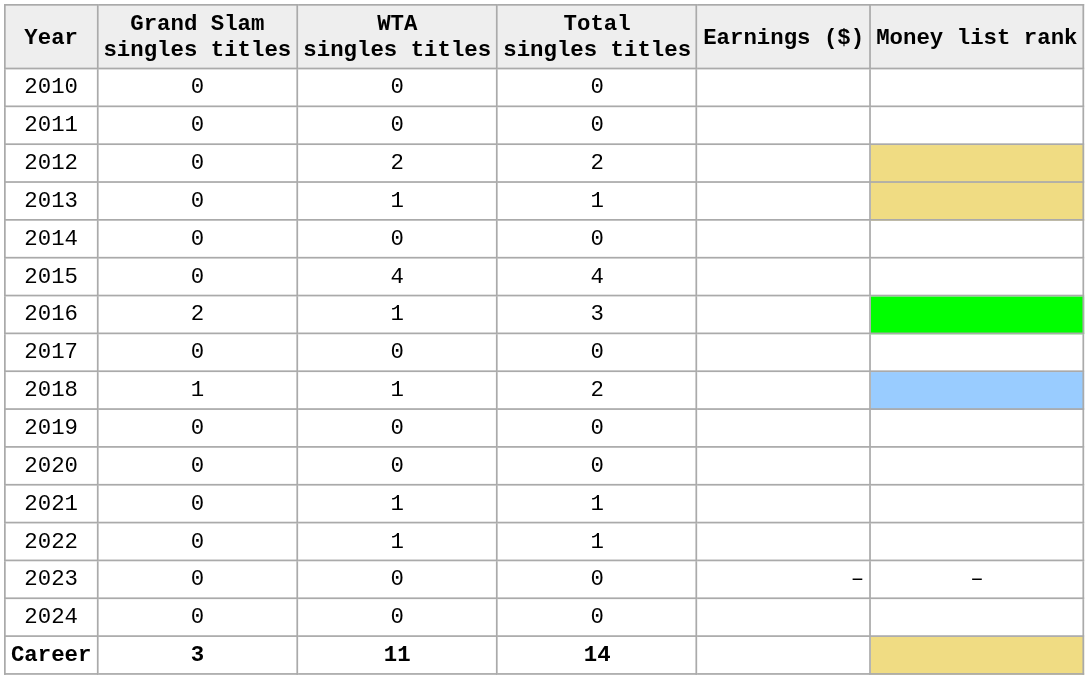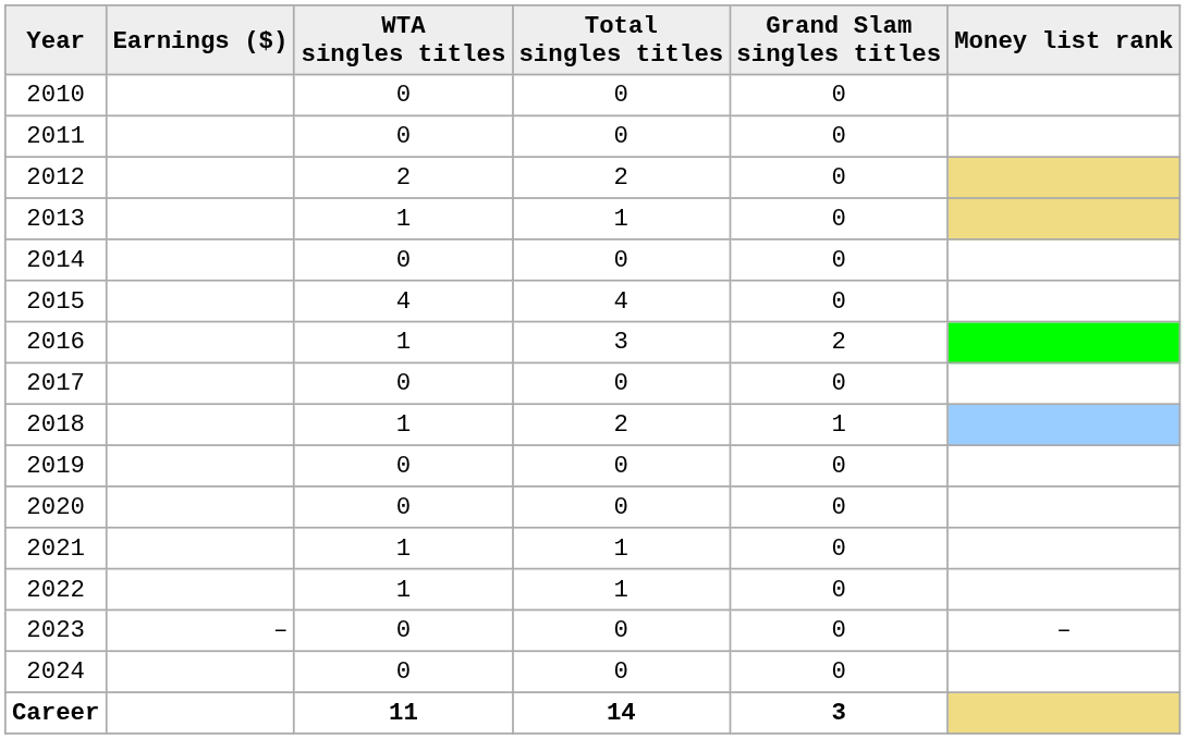 <table cellpadding=3 cellspacing=0 border=1 style=font-size:100%;border:#aaa;solid:1px;border-collapse:collapse;text-align:center>
 <tr bgcolor=EEEEEE>
 <th>Year</th>
-<th>Grand Slam<br>singles titles</th>
+<th>Earnings ($)</th>
 <th>WTA<br>singles titles</th>
 <th>Total<br>singles titles</th>
-<th>Earnings ($)</th>
+<th>Grand Slam<br>singles titles</th>
 <th>Money list rank</th>
 </tr>
 <tr>
 <td>2010</td>
+<td align=right></td>
 <td>0</td>
 <td>0</td>
 <td>0</td>
-<td align=right></td>
 <td></td>
 </tr>
 <tr>
 <td>2011</td>
+<td align=right></td>
 <td>0</td>
 <td>0</td>
 <td>0</td>
-<td align=right></td>
 <td></td>
 </tr>
 <tr>
 <td>2012</td>
-<td>0</td>
+<td align=right></td>
 <td>2</td>
 <td>2</td>
-<td align=right></td>
+<td>0</td>
 <td bgcolor=F0DC83></td>
 </tr>
 <tr>
 <td>2013</td>
-<td>0</td>
+<td align=right></td>
 <td>1</td>
 <td>1</td>
-<td align=right></td>
+<td>0</td>
 <td bgcolor=F0DC83></td>
 </tr>
 <tr>
 <td>2014</td>
+<td align=right></td>
 <td>0</td>
 <td>0</td>
 <td>0</td>
-<td align=right></td>
 <td></td>
 </tr>
 <tr>
 <td>2015</td>
-<td>0</td>
+<td align=right></td>
 <td>4</td>
 <td>4</td>
-<td align=right></td>
+<td>0</td>
 <td></td>
 </tr>
 <tr>
 <td>2016</td>
-<td>2</td>
+<td align=right></td>
 <td>1</td>
 <td>3</td>
-<td align=right></td>
+<td>2</td>
 <td bgcolor=lime></td>
 </tr>
 <tr>
 <td>2017</td>
+<td align=right></td>
 <td>0</td>
 <td>0</td>
 <td>0</td>
-<td align=right></td>
 <td></td>
 </tr>
 <tr>
 <td>2018</td>
-<td>1</td>
+<td align=right></td>
 <td>1</td>
 <td>2</td>
-<td align=right></td>
+<td>1</td>
 <td bgcolor=99ccff></td>
 </tr>
 <tr>
 <td>2019</td>
+<td align=right></td>
 <td>0</td>
 <td>0</td>
 <td>0</td>
-<td align=right></td>
 <td></td>
 </tr>
 <tr>
 <td>2020</td>
+<td align=right></td>
 <td>0</td>
 <td>0</td>
 <td>0</td>
-<td align=right></td>
 <td></td>
 </tr>
 <tr>
 <td>2021</td>
-<td>0</td>
+<td align=right></td>
 <td>1</td>
 <td>1</td>
-<td align=right></td>
+<td>0</td>
 <td></td>
 </tr>
 <tr>
 <td>2022</td>
-<td>0</td>
+<td align=right></td>
 <td>1</td>
 <td>1</td>
-<td align=right></td>
+<td>0</td>
 <td></td>
 </tr>
 <tr>
 <td>2023</td>
+<td align=right>–</td>
 <td>0</td>
 <td>0</td>
 <td>0</td>
-<td align=right>–</td>
 <td>–</td>
 </tr>
 <tr>
 <td>2024</td>
+<td align=right></td>
 <td>0</td>
 <td>0</td>
 <td>0</td>
-<td align=right></td>
 <td></td>
 </tr>
 <tr>
 <th>Career</th>
-<th>3</th>
+<th></th>
 <th>11</th>
 <th>14</th>
-<th></th>
+<th>3</th>
 <th bgcolor=F0DC83></th>
 </tr>
 </table>
